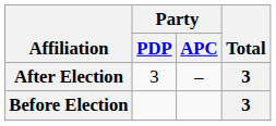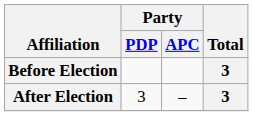 <table class=wikitable style="text-align:center">
 <tr style="vertical-align:bottom;">
 <th rowspan=2>Affiliation</th>
 <th colspan=2>Party</th>
 <th rowspan=2>Total</th>
 </tr>
 <tr>
 <th><a href='#'>PDP</a></th>
 <th><a href='#'>APC</a></th>
 </tr>
 <tr>
+<th>Before Election</th>
+<td></td>
+<td></td>
+<th>3</th>
+</tr>
+<tr>
 <th>After Election</th>
 <td>3</td>
 <td>–</td>
 <th>3</th>
 </tr>
 <tr>
-<th>Before Election</th>
-<td></td>
-<td></td>
-<th>3</th>
-</tr>
-<tr>
 </tr>
 </table>
